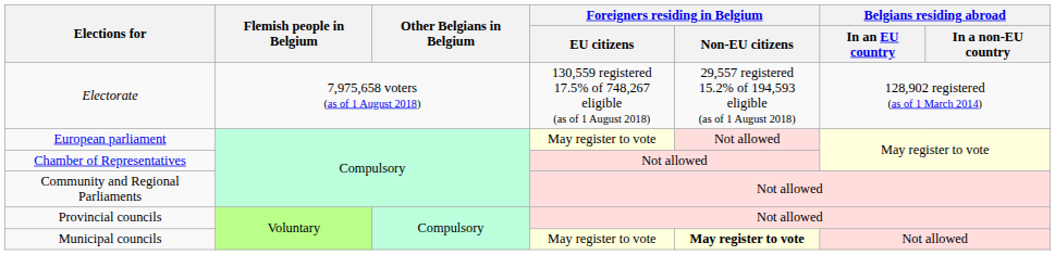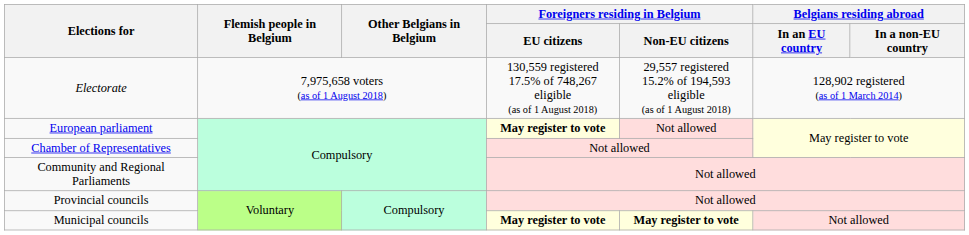 <table class="wikitable" style="text-align:center;">
 <tr>
 <th rowspan="2">Elections for</th>
 <th rowspan="2">Flemish people in Belgium</th>
 <th rowspan="2">Other Belgians in Belgium</th>
 <th colspan="2"><a href='#'>Foreigners residing in Belgium</a></th>
 <th colspan="2"><a href='#'>Belgians residing abroad</a></th>
 </tr>
 <tr>
 <th>EU citizens</th>
 <th>Non-EU citizens</th>
 <th>In an <a href='#'>EU country</a></th>
 <th>In a non-EU country</th>
 </tr>
 <tr>
 <td><em>Electorate</em></td>
 <td colspan="2">7,975,658 voters<br><small>(<a href='#'>as of 1 August 2018</a>)</small></td>
 <td>130,559 registered<br>17.5% of 748,267 eligible<br><small>(as of 1 August 2018)</small></td>
 <td>29,557 registered<br>15.2% of 194,593 eligible<br><small>(as of 1 August 2018)</small></td>
 <td colspan="2">128,902 registered<br><small>(<a href='#'>as of 1 March 2014</a>)</small></td>
 </tr>
 <tr>
 <td><a href='#'>European parliament</a></td>
 <td colspan="2" rowspan="3" style="background-color:#bfd;">Compulsory</td>
-<td style="background-color:#ffd;">May register to vote</td>
+<td style="background-color:#ffd;"><strong>May register to vote</strong></td>
 <td style="background-color:#ffdddd;">Not allowed</td>
 <td rowspan=2 colspan=2 style="background-color:#ffd;">May register to vote</td>
 </tr>
 <tr>
 <td><a href='#'>Chamber of Representatives</a></td>
 <td colspan="2"  style="background-color:#ffdddd;">Not allowed</td>
 </tr>
 <tr>
 <td>Community and Regional Parliaments</td>
 <td colspan="4" style="background-color:#ffdddd;">Not allowed</td>
 </tr>
 <tr>
 <td>Provincial councils</td>
 <td rowspan="2" style="background-color:#bf8;">Voluntary</td>
 <td rowspan="2" style="background-color:#bfd;">Compulsory</td>
 <td colspan="4" style="background-color:#ffdddd;">Not allowed</td>
 </tr>
 <tr>
 <td>Municipal councils</td>
-<td style="background-color:#ffd;">May register to vote</td>
+<td style="background-color:#ffd;"><strong>May register to vote</strong></td>
 <td style="background-color:#ffd;"><strong>May register to vote</strong></td>
 <td colspan="2" style="background-color:#ffdddd;">Not allowed</td>
 </tr>
 </table>
